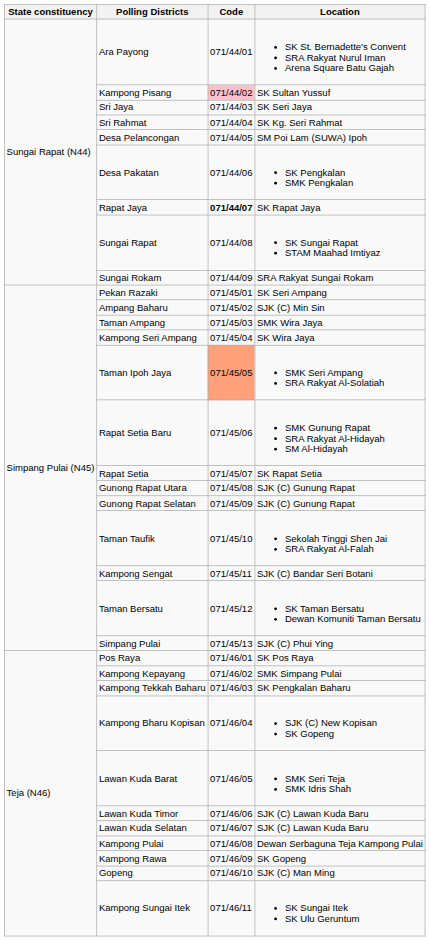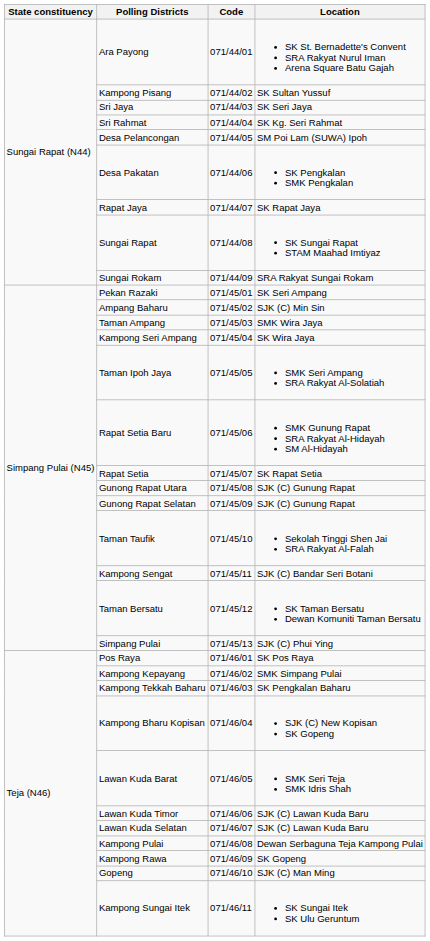 <table class="wikitable sortable mw-collapsible" style="white-space:nowrap;font-size:85%">
 <tr>
 <th>State constituency</th>
 <th>Polling Districts</th>
 <th>Code</th>
 <th>Location</th>
 </tr>
 <tr>
 <td rowspan="9">Sungai Rapat (N44)</td>
 <td>Ara Payong</td>
 <td>071/44/01</td>
 <td><br><ul><li>SK St. Bernadette's Convent</li><li>SRA Rakyat Nurul Iman</li><li>Arena Square Batu Gajah</li></ul></td>
 </tr>
 <tr>
 <td>Kampong Pisang</td>
-<td style="background: pink;">071/44/02</td>
+<td>071/44/02</td>
 <td>SK Sultan Yussuf</td>
 </tr>
 <tr>
 <td>Sri Jaya</td>
 <td>071/44/03</td>
 <td>SK Seri Jaya</td>
 </tr>
 <tr>
 <td>Sri Rahmat</td>
 <td>071/44/04</td>
 <td>SK Kg. Seri Rahmat</td>
 </tr>
 <tr>
 <td>Desa Pelancongan</td>
 <td>071/44/05</td>
 <td>SM Poi Lam (SUWA) Ipoh</td>
 </tr>
 <tr>
 <td>Desa Pakatan</td>
 <td>071/44/06</td>
 <td><br><ul><li>SK Pengkalan</li><li>SMK Pengkalan</li></ul></td>
 </tr>
 <tr>
 <td>Rapat Jaya</td>
-<td><strong>071/44/07</strong></td>
+<td>071/44/07</td>
 <td>SK Rapat Jaya</td>
 </tr>
 <tr>
 <td>Sungai Rapat</td>
 <td>071/44/08</td>
 <td><br><ul><li>SK Sungai Rapat</li><li>STAM Maahad Imtiyaz</li></ul></td>
 </tr>
 <tr>
 <td>Sungai Rokam</td>
 <td>071/44/09</td>
 <td>SRA Rakyat Sungai Rokam</td>
 </tr>
 <tr>
 <td rowspan="13">Simpang Pulai (N45)</td>
 <td>Pekan Razaki</td>
 <td>071/45/01</td>
 <td>SK Seri Ampang</td>
 </tr>
 <tr>
 <td>Ampang Baharu</td>
 <td>071/45/02</td>
 <td>SJK (C) Min Sin</td>
 </tr>
 <tr>
 <td>Taman Ampang</td>
 <td>071/45/03</td>
 <td>SMK Wira Jaya</td>
 </tr>
 <tr>
 <td>Kampong Seri Ampang</td>
 <td>071/45/04</td>
 <td>SK Wira Jaya</td>
 </tr>
 <tr>
 <td>Taman Ipoh Jaya</td>
-<td style="background: lightsalmon;">071/45/05</td>
+<td>071/45/05</td>
 <td><br><ul><li>SMK Seri Ampang</li><li>SRA Rakyat Al-Solatiah</li></ul></td>
 </tr>
 <tr>
 <td>Rapat Setia Baru</td>
 <td>071/45/06</td>
 <td><br><ul><li>SMK Gunung Rapat</li><li>SRA Rakyat Al-Hidayah</li><li>SM Al-Hidayah</li></ul></td>
 </tr>
 <tr>
 <td>Rapat Setia</td>
 <td>071/45/07</td>
 <td>SK Rapat Setia</td>
 </tr>
 <tr>
 <td>Gunong Rapat Utara</td>
 <td>071/45/08</td>
 <td>SJK (C) Gunung Rapat</td>
 </tr>
 <tr>
 <td>Gunong Rapat Selatan</td>
 <td>071/45/09</td>
 <td>SJK (C) Gunung Rapat</td>
 </tr>
 <tr>
 <td>Taman Taufik</td>
 <td>071/45/10</td>
 <td><br><ul><li>Sekolah Tinggi Shen Jai</li><li>SRA Rakyat Al-Falah</li></ul></td>
 </tr>
 <tr>
 <td>Kampong Sengat</td>
 <td>071/45/11</td>
 <td>SJK (C) Bandar Seri Botani</td>
 </tr>
 <tr>
 <td>Taman Bersatu</td>
 <td>071/45/12</td>
 <td><br><ul><li>SK Taman Bersatu</li><li>Dewan Komuniti Taman Bersatu</li></ul></td>
 </tr>
 <tr>
 <td>Simpang Pulai</td>
 <td>071/45/13</td>
 <td>SJK (C) Phui Ying</td>
 </tr>
 <tr>
 <td rowspan="11">Teja (N46)</td>
 <td>Pos Raya</td>
 <td>071/46/01</td>
 <td>SK Pos Raya</td>
 </tr>
 <tr>
 <td>Kampong Kepayang</td>
 <td>071/46/02</td>
 <td>SMK Simpang Pulai</td>
 </tr>
 <tr>
 <td>Kampong Tekkah Baharu</td>
 <td>071/46/03</td>
 <td>SK Pengkalan Baharu</td>
 </tr>
 <tr>
 <td>Kampong Bharu Kopisan</td>
 <td>071/46/04</td>
 <td><br><ul><li>SJK (C) New Kopisan</li><li>SK Gopeng</li></ul></td>
 </tr>
 <tr>
 <td>Lawan Kuda Barat</td>
 <td>071/46/05</td>
 <td><br><ul><li>SMK Seri Teja</li><li>SMK Idris Shah</li></ul></td>
 </tr>
 <tr>
 <td>Lawan Kuda Timor</td>
 <td>071/46/06</td>
 <td>SJK (C) Lawan Kuda Baru</td>
 </tr>
 <tr>
 <td>Lawan Kuda Selatan</td>
 <td>071/46/07</td>
 <td>SJK (C) Lawan Kuda Baru</td>
 </tr>
 <tr>
 <td>Kampong Pulai</td>
 <td>071/46/08</td>
 <td>Dewan Serbaguna Teja Kampong Pulai</td>
 </tr>
 <tr>
 <td>Kampong Rawa</td>
 <td>071/46/09</td>
 <td>SK Gopeng</td>
 </tr>
 <tr>
 <td>Gopeng</td>
 <td>071/46/10</td>
 <td>SJK (C) Man Ming</td>
 </tr>
 <tr>
 <td>Kampong Sungai Itek</td>
 <td>071/46/11</td>
 <td><br><ul><li>SK Sungai Itek</li><li>SK Ulu Geruntum</li></ul></td>
 </tr>
 </table>
